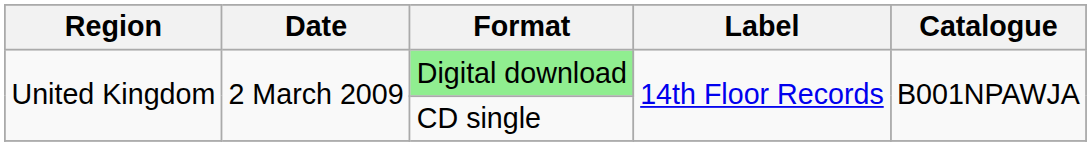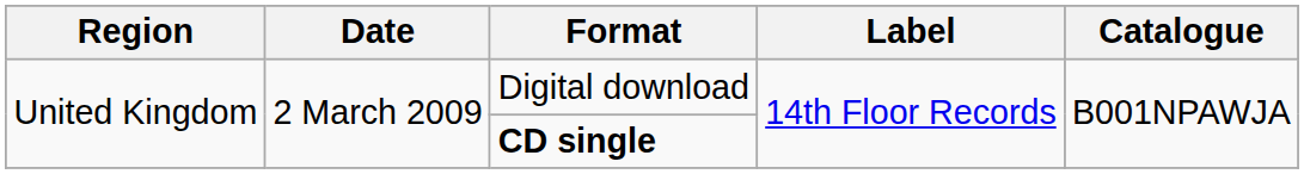 <table class=wikitable>
 <tr>
 <th>Region</th>
 <th>Date</th>
 <th>Format</th>
 <th>Label</th>
 <th>Catalogue</th>
 </tr>
 <tr>
 <td rowspan="2">United Kingdom</td>
 <td rowspan="2">2 March 2009</td>
-<td style="background: lightgreen;">Digital download</td>
+<td>Digital download</td>
 <td rowspan="2"><a href='#'>14th Floor Records</a></td>
 <td rowspan="2">B001NPAWJA</td>
 </tr>
 <tr>
-<td>CD single</td>
+<td><strong>CD single</strong></td>
 </tr>
 </table>
